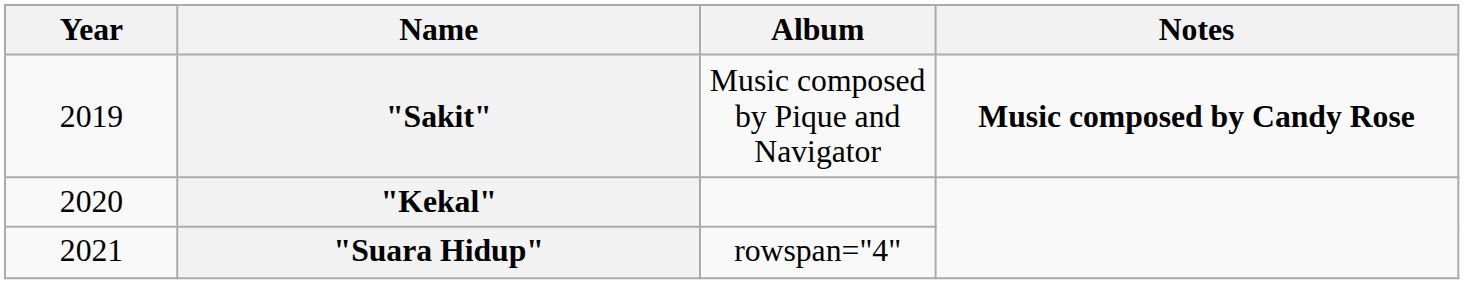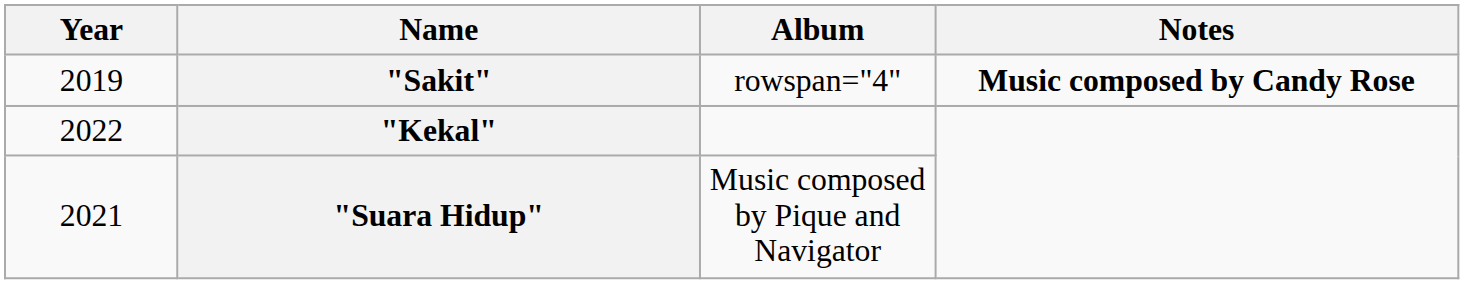 <table class="wikitable plainrowheaders" style="text-align:center;" border="1">
 <tr>
 <th scope="col" style="width:5em;">Year</th>
 <th scope="col" style="width:16em;">Name</th>
 <th scope="col" style="width:7em;">Album</th>
 <th scope="col" style="width:16em;">Notes</th>
 </tr>
 <tr>
 <td rowspan="1" style="text-align:center;">2019</td>
 <th scope="row">"Sakit"</th>
-<td>Music composed by Pique and Navigator</td>
+<td>rowspan="4" </td>
 <td><strong>Music composed by Candy Rose</strong></td>
 </tr>
 <tr>
-<td rowspan="1" style="text-align:center;">2020</td>
+<td rowspan="1" style="text-align:center;">2022</td>
 <th scope="row">"Kekal"</th>
 <td></td>
 </tr>
 <tr>
 <td rowspan="1" style="text-align:center;">2021</td>
 <th scope="row">"Suara Hidup"</th>
-<td>rowspan="4" </td>
+<td>Music composed by Pique and Navigator</td>
 </tr>
 </table>
